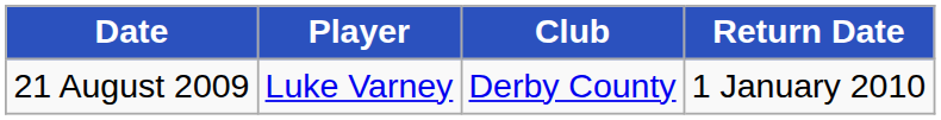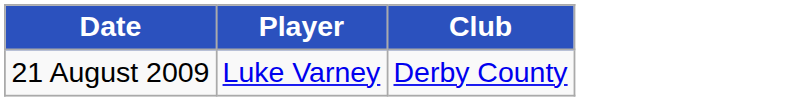 <table class="wikitable">
 <tr>
 <th style="background:#2B51BE; color:#FFFFFF; ">Date</th>
 <th style="background:#2B51BE; color:#FFFFFF; ">Player</th>
 <th style="background:#2B51BE; color:#FFFFFF; ">Club</th>
-<th style="background:#2B51BE; color:#FFFFFF; ">Return Date</th>
 </tr>
 <tr>
 <td>21 August 2009</td>
 <td><a href='#'>Luke Varney</a></td>
 <td><a href='#'>Derby County</a></td>
-<td>1 January 2010</td>
 </tr>
 </table>
